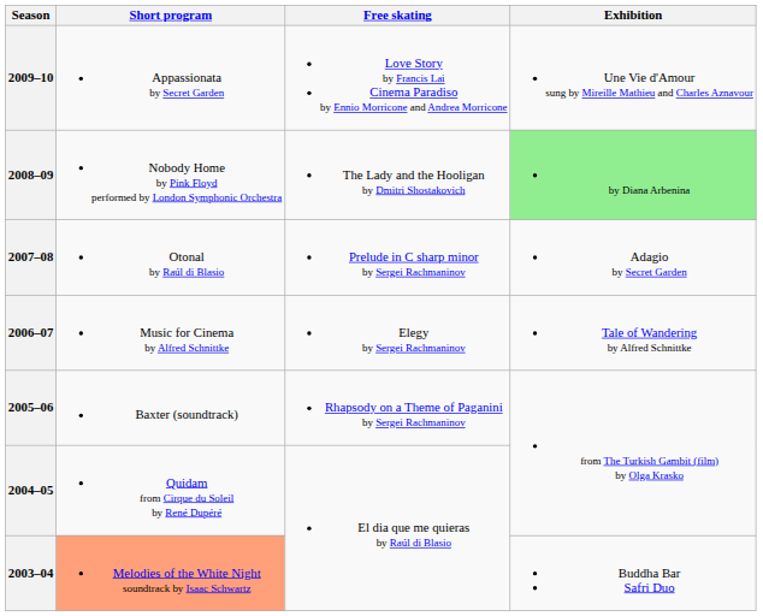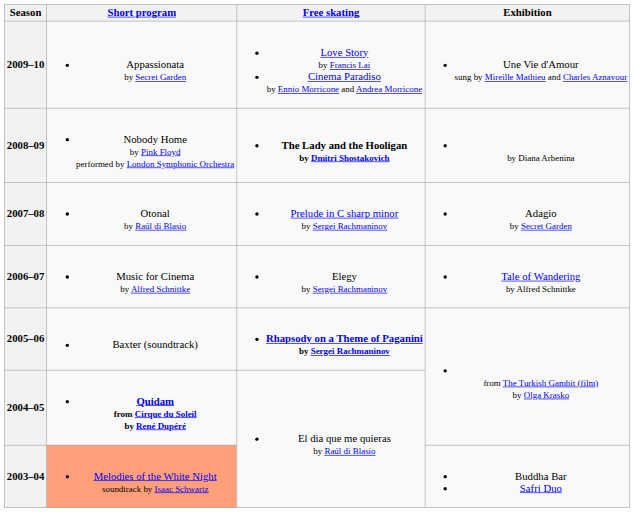 <table class="wikitable" style="text-align:center">
 <tr>
 <th>Season</th>
 <th><a href='#'>Short program</a></th>
 <th><a href='#'>Free skating</a></th>
 <th>Exhibition</th>
 </tr>
 <tr>
 <th>2009–10</th>
 <td><br><ul><li>Appassionata <br><small> by <a href='#'>Secret Garden</a> </small></li></ul></td>
 <td><br><ul><li><a href='#'>Love Story</a> <br><small> by <a href='#'>Francis Lai</a> </small></li><li><a href='#'>Cinema Paradiso</a> <br><small> by <a href='#'>Ennio Morricone</a> and <a href='#'>Andrea Morricone</a></small></li></ul></td>
 <td><br><ul><li>Une Vie d'Amour <br><small> sung by <a href='#'>Mireille Mathieu</a> and <a href='#'>Charles Aznavour</a> </small></li></ul></td>
 </tr>
 <tr>
 <th>2008–09</th>
 <td><br><ul><li>Nobody Home <br> <small> by <a href='#'>Pink Floyd</a> <br> performed by <a href='#'>London Symphonic Orchestra</a> </small></li></ul></td>
-<td><br><ul><li>The Lady and the Hooligan <br> <small>by <a href='#'>Dmitri Shostakovich</a></small></li></ul></td>
-<td style="background: lightgreen;"><br><ul><li> <br><small> by Diana Arbenina </small></li></ul></td>
+<td><strong><br><ul><li>The Lady and the Hooligan <br> <small>by <a href='#'>Dmitri Shostakovich</a></small></li></ul></strong></td>
+<td><br><ul><li> <br><small> by Diana Arbenina </small></li></ul></td>
 </tr>
 <tr>
 <th>2007–08</th>
 <td><br><ul><li>Otonal <br><small> by <a href='#'>Raúl di Blasio</a></small></li></ul></td>
 <td><br><ul><li><a href='#'>Prelude in C sharp minor</a> <br><small> by <a href='#'>Sergei Rachmaninov</a> </small></li></ul></td>
 <td><br><ul><li>Adagio <br><small> by <a href='#'>Secret Garden</a> </small></li></ul></td>
 </tr>
 <tr>
 <th>2006–07</th>
 <td><br><ul><li>Music for Cinema <br><small> by <a href='#'>Alfred Schnittke</a></small></li></ul></td>
 <td><br><ul><li>Elegy <br><small> by <a href='#'>Sergei Rachmaninov</a></small></li></ul></td>
 <td><br><ul><li><a href='#'>Tale of Wandering</a> <br><small> by Alfred Schnittke </small></li></ul></td>
 </tr>
 <tr>
 <th>2005–06</th>
 <td><br><ul><li>Baxter (soundtrack)</li></ul></td>
-<td><br><ul><li><a href='#'>Rhapsody on a Theme of Paganini</a><br> <small> by <a href='#'>Sergei Rachmaninov</a></small></li></ul></td>
+<td><strong><br><ul><li><a href='#'>Rhapsody on a Theme of Paganini</a><br> <small> by <a href='#'>Sergei Rachmaninov</a></small></li></ul></strong></td>
 <td rowspan=2><br><ul><li> <br><small> from <a href='#'>The Turkish Gambit (film)</a> <br> by <a href='#'>Olga Krasko</a></small></li></ul></td>
 </tr>
 <tr>
 <th>2004–05</th>
-<td><br><ul><li><a href='#'>Quidam</a> <br><small> from <a href='#'>Cirque du Soleil</a> <br> by <a href='#'>René Dupéré</a> </small></li></ul></td>
+<td><strong><br><ul><li><a href='#'>Quidam</a> <br><small> from <a href='#'>Cirque du Soleil</a> <br> by <a href='#'>René Dupéré</a> </small></li></ul></strong></td>
 <td rowspan=2><br><ul><li>El dia que me quieras <br><small> by <a href='#'>Raúl di Blasio</a></small></li></ul></td>
 </tr>
 <tr>
 <th>2003–04</th>
 <td style="background: lightsalmon;"><br><ul><li><a href='#'>Melodies of the White Night</a> <br><small> soundtrack by <a href='#'>Isaac Schwartz</a></small></li></ul></td>
 <td><br><ul><li>Buddha Bar</li><li><a href='#'>Safri Duo</a></li></ul></td>
 </tr>
 </table>
